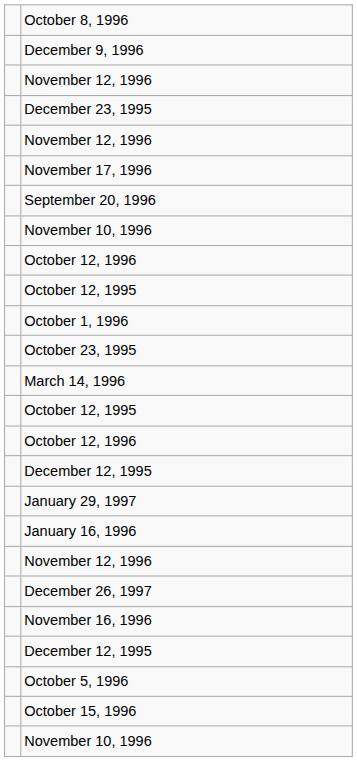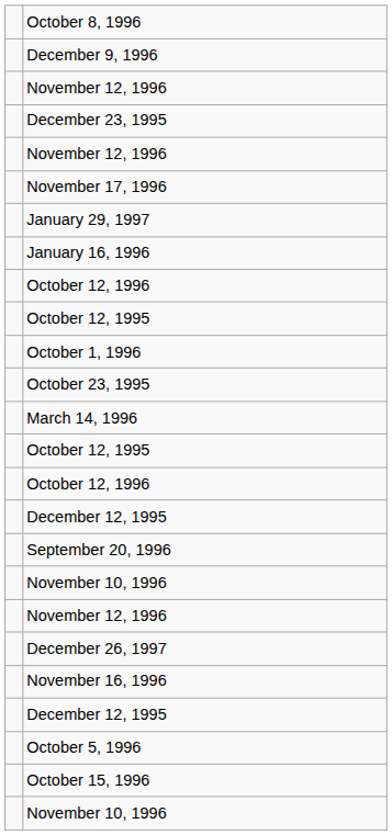 <table class="wikitable" style="font-size: 89%; float: left; width: 24em; margin-right: 1em; line-height: 1.6em !important;  height: 625px;">
 <tr>
 <td></td>
 <td>October 8, 1996</td>
 </tr>
 <tr>
 <td></td>
 <td>December 9, 1996</td>
 </tr>
 <tr>
 <td></td>
 <td>November 12, 1996</td>
 </tr>
 <tr>
 <td></td>
 <td>December 23, 1995</td>
 </tr>
 <tr>
 <td></td>
 <td>November 12, 1996</td>
 </tr>
 <tr>
 <td></td>
 <td>November 17, 1996</td>
 </tr>
 <tr>
 <td></td>
-<td>September 20, 1996</td>
+<td>January 29, 1997</td>
 </tr>
 <tr>
 <td></td>
-<td>November 10, 1996</td>
+<td>January 16, 1996</td>
 </tr>
 <tr>
 <td></td>
 <td>October 12, 1996</td>
 </tr>
 <tr>
 <td></td>
 <td>October 12, 1995</td>
 </tr>
 <tr>
 <td></td>
 <td>October 1, 1996</td>
 </tr>
 <tr>
 <td></td>
 <td>October 23, 1995</td>
 </tr>
 <tr>
 <td></td>
 <td>March 14, 1996</td>
 </tr>
 <tr>
 <td></td>
 <td>October 12, 1995</td>
 </tr>
 <tr>
 <td></td>
 <td>October 12, 1996</td>
 </tr>
 <tr>
 <td></td>
 <td>December 12, 1995</td>
 </tr>
 <tr>
 <td></td>
-<td>January 29, 1997</td>
+<td>September 20, 1996</td>
 </tr>
 <tr>
 <td></td>
-<td>January 16, 1996</td>
+<td>November 10, 1996</td>
 </tr>
 <tr>
 <td></td>
 <td>November 12, 1996</td>
 </tr>
 <tr>
 <td></td>
 <td>December 26, 1997</td>
 </tr>
 <tr>
 <td></td>
 <td>November 16, 1996</td>
 </tr>
 <tr>
 <td></td>
 <td>December 12, 1995</td>
 </tr>
 <tr>
 <td></td>
 <td>October 5, 1996</td>
 </tr>
 <tr>
 <td></td>
 <td>October 15, 1996</td>
 </tr>
 <tr>
 <td></td>
 <td>November 10, 1996</td>
 </tr>
 </table>
